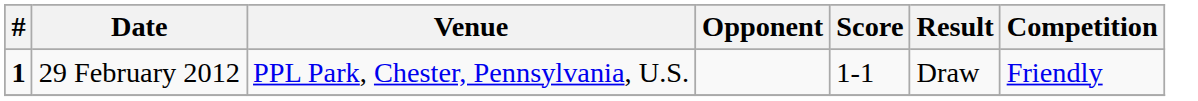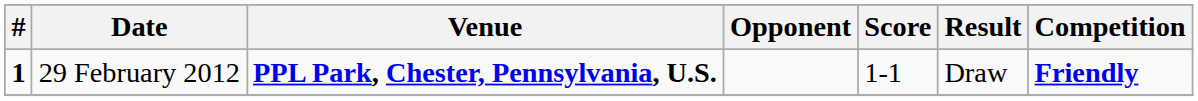 <table class="wikitable">
 <tr>
 <th>#</th>
 <th>Date</th>
 <th>Venue</th>
 <th>Opponent</th>
 <th>Score</th>
 <th>Result</th>
 <th>Competition</th>
 </tr>
 <tr>
 <td><strong>1</strong></td>
 <td>29 February 2012</td>
-<td><a href='#'>PPL Park</a>, <a href='#'>Chester, Pennsylvania</a>, U.S.</td>
+<td><strong><a href='#'>PPL Park</a>, <a href='#'>Chester, Pennsylvania</a>, U.S.</strong></td>
 <td></td>
 <td>1-1</td>
 <td>Draw</td>
-<td><a href='#'>Friendly</a></td>
+<td><strong><a href='#'>Friendly</a></strong></td>
 </tr>
 <tr>
 </tr>
 </table>
